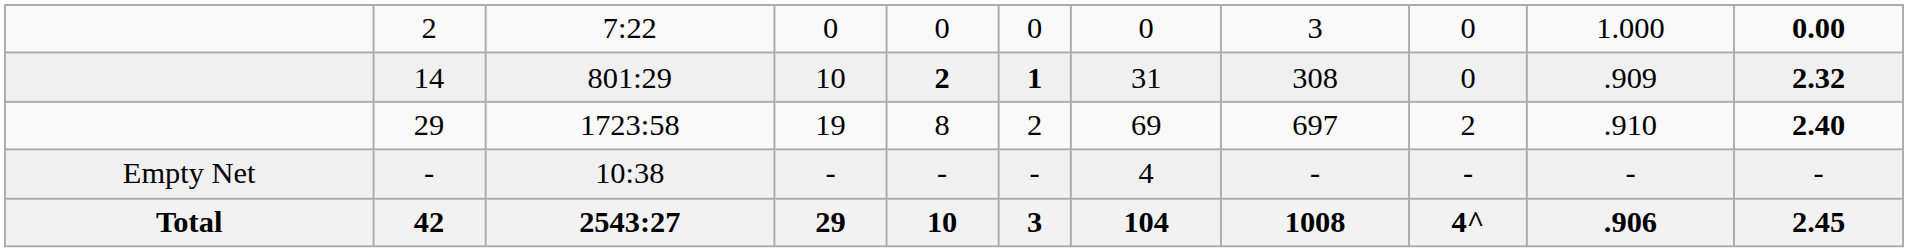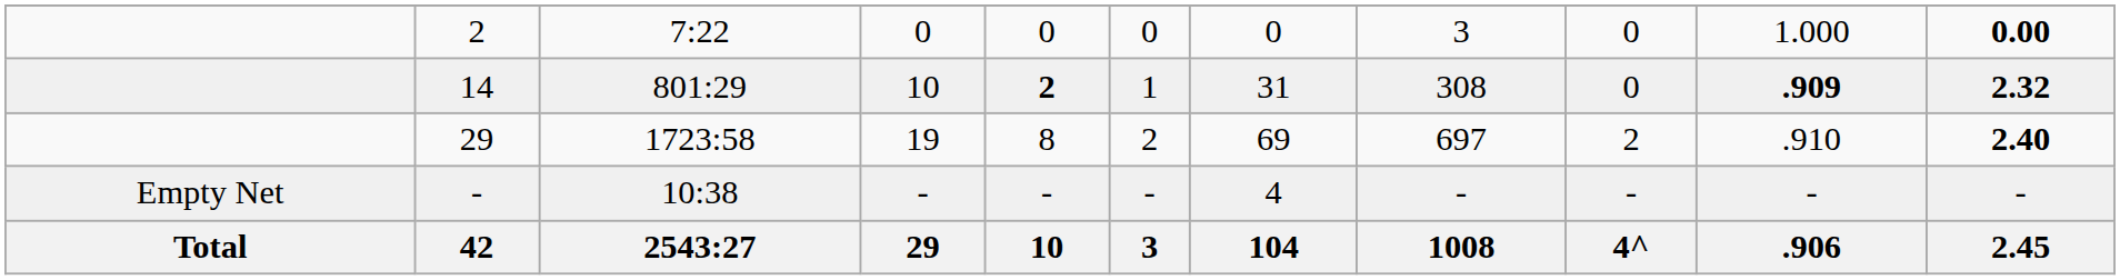 <table class="wikitable sortable" width ="1000">
 <tr align="center">
 </tr>
 <tr align="center" bgcolor="">
 <td></td>
 <td>2</td>
 <td>7:22</td>
 <td>0</td>
 <td>0</td>
 <td>0</td>
 <td>0</td>
 <td>3</td>
 <td>0</td>
 <td>1.000</td>
 <td><strong>0.00</strong></td>
 </tr>
 <tr align="center" bgcolor="f0f0f0">
 <td></td>
 <td>14</td>
 <td>801:29</td>
 <td>10</td>
 <td><strong>2</strong></td>
-<td><strong>1</strong></td>
+<td>1</td>
 <td>31</td>
 <td>308</td>
 <td>0</td>
-<td>.909</td>
+<td><strong>.909</strong></td>
 <td><strong>2.32</strong></td>
 </tr>
 <tr align="center" bgcolor="">
 <td></td>
 <td>29</td>
 <td>1723:58</td>
 <td>19</td>
 <td>8</td>
 <td>2</td>
 <td>69</td>
 <td>697</td>
 <td>2</td>
 <td>.910</td>
 <td><strong>2.40</strong></td>
 </tr>
 <tr align="center" bgcolor="f0f0f0">
 <td>Empty Net</td>
 <td>-</td>
 <td>10:38</td>
 <td>-</td>
 <td>-</td>
 <td>-</td>
 <td>4</td>
 <td>-</td>
 <td>-</td>
 <td>-</td>
 <td>-</td>
 </tr>
 <tr>
 <th>Total</th>
 <th>42</th>
 <th>2543:27</th>
 <th>29</th>
 <th>10</th>
 <th>3</th>
 <th>104</th>
 <th>1008</th>
 <th>4^</th>
 <th>.906</th>
 <th>2.45</th>
 </tr>
 </table>
